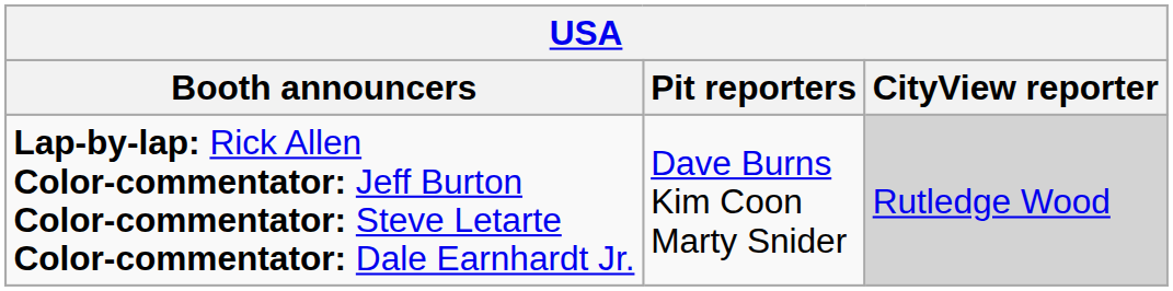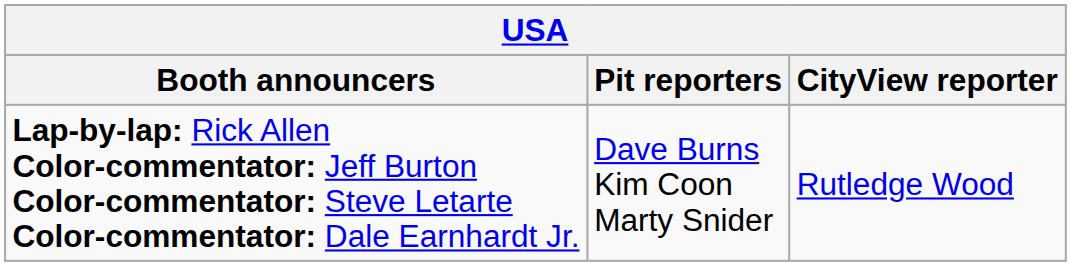 <table class="wikitable" style="font-size: 95%">
 <tr>
 <th colspan="3"><a href='#'>USA</a></th>
 </tr>
 <tr>
 <th>Booth announcers</th>
 <th>Pit reporters</th>
 <th>CityView reporter</th>
 </tr>
 <tr>
 <td><strong>Lap-by-lap:</strong> <a href='#'>Rick Allen</a><br><strong>Color-commentator:</strong> <a href='#'>Jeff Burton</a><br><strong>Color-commentator:</strong> <a href='#'>Steve Letarte</a><br><strong>Color-commentator:</strong> <a href='#'>Dale Earnhardt Jr.</a></td>
 <td><a href='#'>Dave Burns</a><br>Kim Coon<br>Marty Snider</td>
-<td style="background: lightgrey;"><a href='#'>Rutledge Wood</a></td>
+<td><a href='#'>Rutledge Wood</a></td>
 </tr>
 </table>
